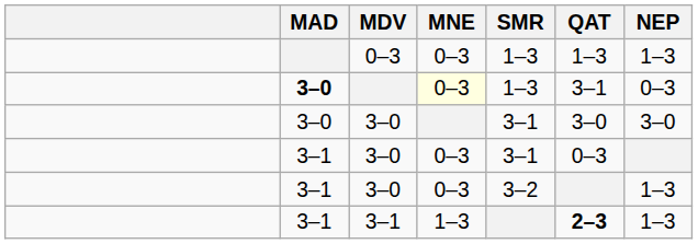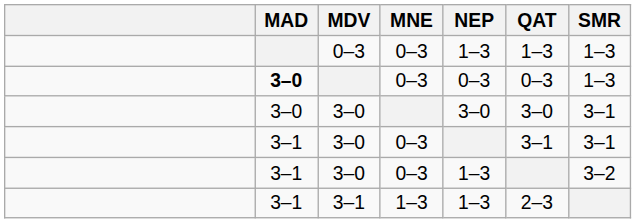 <table class="wikitable" style="text-align:center; font-size:90%">
 <tr>
 <th width="180"> </th>
 <th width="40">MAD</th>
 <th width="40">MDV</th>
 <th width="40">MNE</th>
+<th width="40">NEP</th>
+<th width="40">QAT</th>
 <th width="40">SMR</th>
-<th width="40">QAT</th>
-<th width="40">NEP</th>
 </tr>
 <tr>
 <td style="text-align:left;"></td>
 <th></th>
 <td>0–3</td>
 <td>0–3</td>
 <td>1–3</td>
 <td>1–3</td>
 <td>1–3</td>
 </tr>
 <tr>
 <td style="text-align:left;"></td>
 <td><strong>3–0</strong></td>
 <th></th>
-<td style="background: lightyellow;">0–3</td>
+<td>0–3</td>
+<td>0–3</td>
+<td>0–3</td>
 <td>1–3</td>
-<td>3–1</td>
-<td>0–3</td>
 </tr>
 <tr>
 <td style="text-align:left;"></td>
 <td>3–0</td>
 <td>3–0</td>
 <th></th>
-<td>3–1</td>
 <td>3–0</td>
 <td>3–0</td>
+<td>3–1</td>
 </tr>
 <tr>
 <td style="text-align:left;"></td>
 <td>3–1</td>
 <td>3–0</td>
 <td>0–3</td>
+<th></th>
 <td>3–1</td>
-<td>0–3</td>
-<th></th>
+<td>3–1</td>
 </tr>
 <tr>
 <td style="text-align:left;"></td>
 <td>3–1</td>
 <td>3–0</td>
 <td>0–3</td>
+<td>1–3</td>
+<th></th>
 <td>3–2</td>
-<th></th>
-<td>1–3</td>
 </tr>
 <tr>
 <td style="text-align:left;"></td>
 <td>3–1</td>
 <td>3–1</td>
 <td>1–3</td>
+<td>1–3</td>
+<td>2–3</td>
 <th></th>
-<td><strong>2–3</strong></td>
-<td>1–3</td>
 </tr>
 </table>
